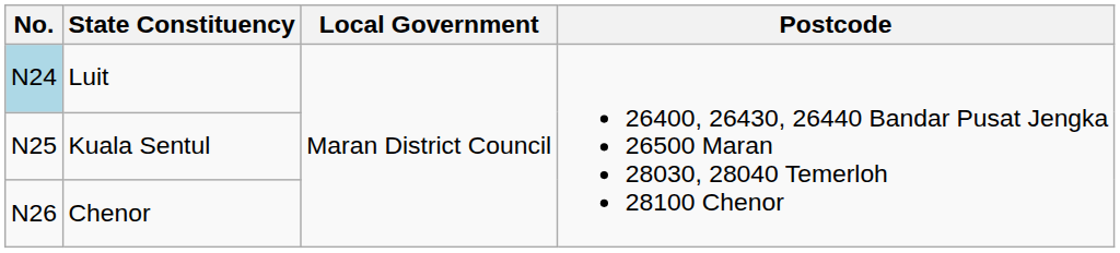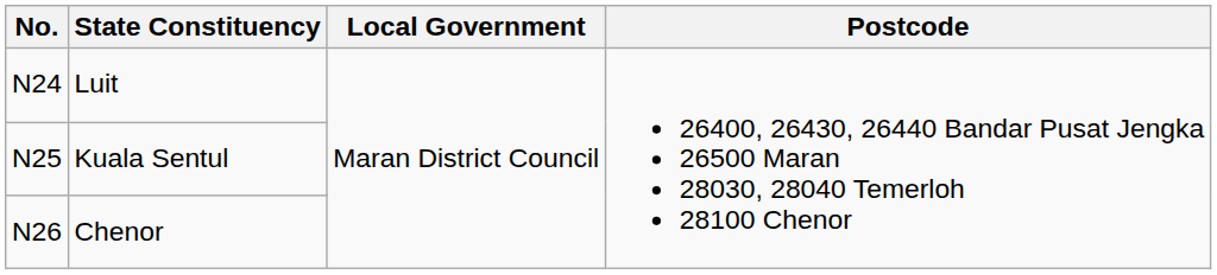 <table class="wikitable">
 <tr>
 <th>No.</th>
 <th>State Constituency</th>
 <th>Local Government</th>
 <th>Postcode</th>
 </tr>
 <tr>
-<td style="background: lightblue;">N24</td>
+<td>N24</td>
 <td>Luit</td>
 <td rowspan="3">Maran District Council</td>
 <td rowspan="3"><br><ul><li>26400, 26430, 26440 Bandar Pusat Jengka</li><li>26500 Maran</li><li>28030, 28040 Temerloh</li><li>28100 Chenor</li></ul></td>
 </tr>
 <tr>
 <td>N25</td>
 <td>Kuala Sentul</td>
 </tr>
 <tr>
 <td>N26</td>
 <td>Chenor</td>
 </tr>
 </table>
